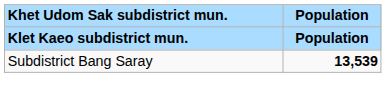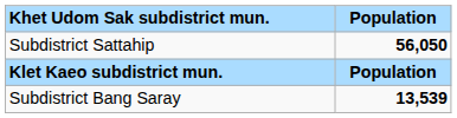 <table class="wikitable" style="width:48%; display:inline-table;">
 <tr>
 <td style= "background: #aadcff;"><strong>Khet Udom Sak subdistrict mun.</strong></td>
 <td style= "background: #aadcff; text-align:center;"><strong>Population</strong></td>
+</tr>
+<tr>
+<td>Subdistrict Sattahip</td>
+<td style="text-align:right;"><strong>56,050</strong></td>
 </tr>
 <tr>
 <td style= "background: #aadcff;"><strong>Klet Kaeo subdistrict mun.</strong></td>
 <td style= "background: #aadcff; text-align:center;"><strong>Population</strong></td>
 </tr>
 <tr>
 <td>Subdistrict Bang Saray</td>
 <td style="text-align:right;"><strong>13,539</strong></td>
 </tr>
 </table>
